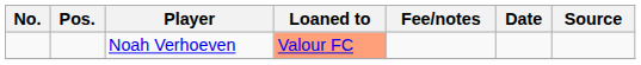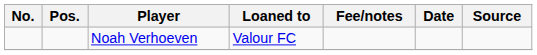 <table class="wikitable sortable" style="width:90%; text-align:center; font-size:95%; text-align:left;">
 <tr>
 <th>No.</th>
 <th>Pos.</th>
 <th>Player</th>
 <th>Loaned to</th>
 <th>Fee/notes</th>
 <th>Date</th>
 <th>Source</th>
 </tr>
 <tr>
 <td align=center></td>
 <td align=center></td>
 <td> <a href='#'>Noah Verhoeven</a></td>
-<td style="background: lightsalmon;"> <a href='#'>Valour FC</a></td>
+<td> <a href='#'>Valour FC</a></td>
 <td></td>
 <td></td>
 <td></td>
 </tr>
 <tr>
 </tr>
 </table>
